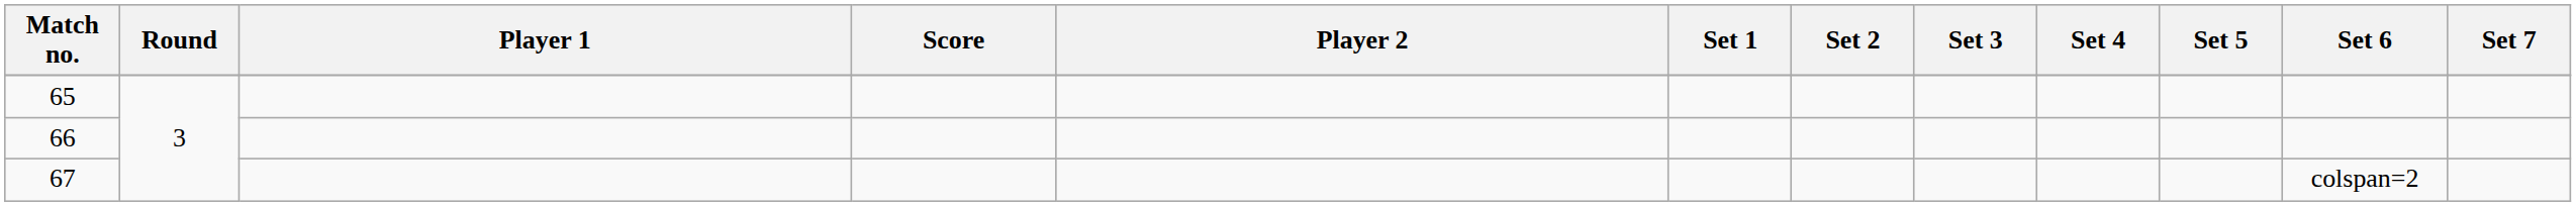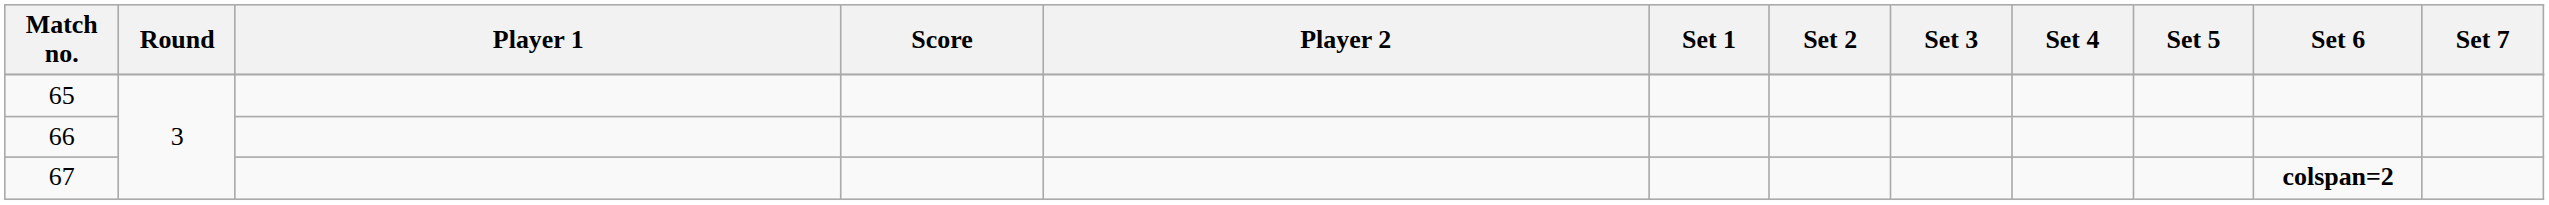 <table class="wikitable" style="text-align: center;">
 <tr>
 <th width="2%">Match no.</th>
 <th width="2%">Round</th>
 <th width="15%">Player 1</th>
 <th width="5%">Score</th>
 <th width="15%">Player 2</th>
 <th width="3%">Set 1</th>
 <th width="3%">Set 2</th>
 <th width="3%">Set 3</th>
 <th width="3%">Set 4</th>
 <th width="3%">Set 5</th>
 <th width="3%">Set 6</th>
 <th width="3%">Set 7</th>
 </tr>
 <tr>
 </tr>
 <tr style=text-align:center;>
 <td>65</td>
 <td rowspan=3>3</td>
 <td></td>
 <td></td>
 <td></td>
 <td></td>
 <td></td>
 <td></td>
 <td></td>
 <td></td>
 <td></td>
 <td></td>
 </tr>
 <tr style=text-align:center;>
 <td>66</td>
 <td></td>
 <td></td>
 <td></td>
 <td></td>
 <td></td>
 <td></td>
 <td></td>
 <td></td>
 <td></td>
 <td></td>
 </tr>
 <tr style=text-align:center;>
 <td>67</td>
 <td></td>
 <td></td>
 <td></td>
 <td></td>
 <td></td>
 <td></td>
 <td></td>
 <td></td>
-<td>colspan=2</td>
+<td><strong>colspan=2</strong></td>
 </tr>
 </table>
